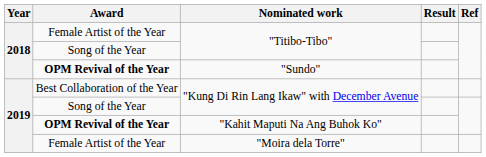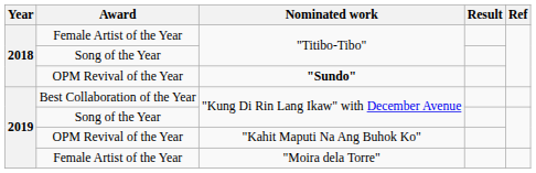 <table class="wikitable sortable" style=text-align:center>
 <tr>
 <th>Year</th>
 <th>Award</th>
 <th>Nominated work</th>
 <th>Result</th>
 <th>Ref</th>
 </tr>
 <tr>
 <th rowspan="3">2018</th>
 <td>Female Artist of the Year</td>
 <td align=center rowspan="2">"Titibo-Tibo"</td>
 <td></td>
 <td rowspan="3"></td>
 </tr>
 <tr>
 <td>Song of the Year</td>
 <td></td>
 </tr>
 <tr>
-<td><strong>OPM Revival of the Year</strong></td>
-<td align=center>"Sundo"</td>
+<td>OPM Revival of the Year</td>
+<td align=center><strong>"Sundo"</strong></td>
 <td></td>
 </tr>
 <tr>
 <th rowspan="4">2019</th>
 <td>Best Collaboration of the Year</td>
 <td align=center rowspan="2">"Kung Di Rin Lang Ikaw" with <a href='#'>December Avenue</a></td>
 <td></td>
 <td></td>
 </tr>
 <tr>
 <td>Song of the Year</td>
 <td></td>
 <td rowspan="2"></td>
 </tr>
 <tr>
-<td><strong>OPM Revival of the Year</strong></td>
+<td>OPM Revival of the Year</td>
 <td align=center>"Kahit Maputi Na Ang Buhok Ko"</td>
 <td></td>
 </tr>
 <tr>
 <td>Female Artist of the Year</td>
 <td align=center rowspan="2">"Moira dela Torre"</td>
 <td></td>
 <td></td>
 </tr>
 </table>
